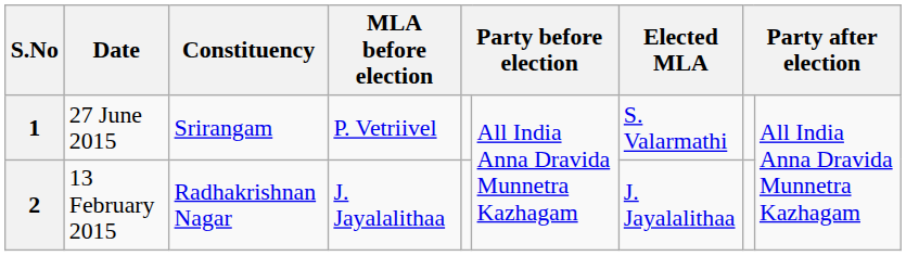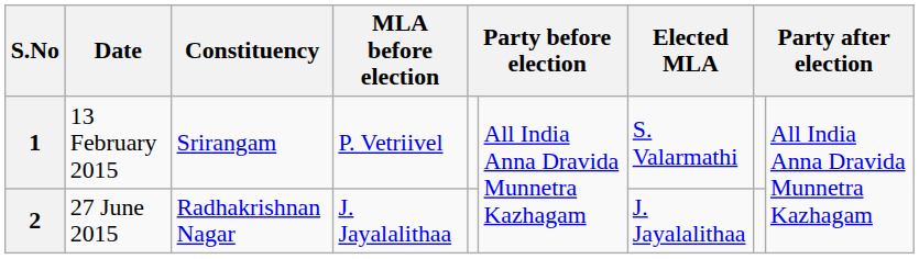 <table class="wikitable sortable">
 <tr>
 <th>S.No</th>
 <th>Date</th>
 <th>Constituency</th>
 <th>MLA before election</th>
 <th colspan="2">Party before election</th>
 <th>Elected MLA</th>
 <th colspan="2">Party after election</th>
 </tr>
 <tr>
 <th>1</th>
-<td>27 June 2015</td>
+<td>13 February 2015</td>
 <td><a href='#'>Srirangam</a></td>
 <td><a href='#'>P. Vetriivel</a></td>
 <td></td>
 <td rowspan="2"><a href='#'>All India Anna Dravida Munnetra Kazhagam</a></td>
 <td><a href='#'>S. Valarmathi</a></td>
 <td></td>
 <td rowspan="2"><a href='#'>All India Anna Dravida Munnetra Kazhagam</a></td>
 </tr>
 <tr>
 <th>2</th>
-<td>13 February 2015</td>
+<td>27 June 2015</td>
 <td><a href='#'>Radhakrishnan Nagar</a></td>
 <td><a href='#'>J. Jayalalithaa</a></td>
 <td></td>
 <td><a href='#'>J. Jayalalithaa</a></td>
 <td></td>
 </tr>
 </table>
